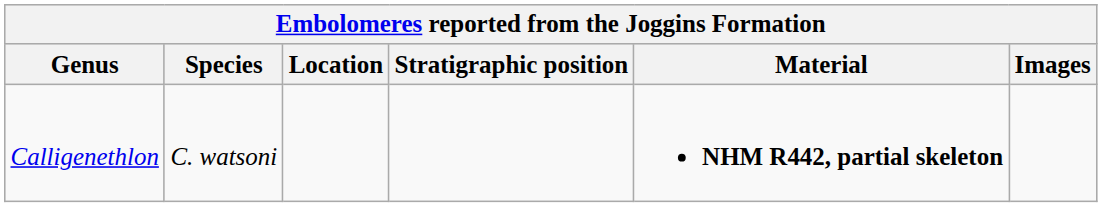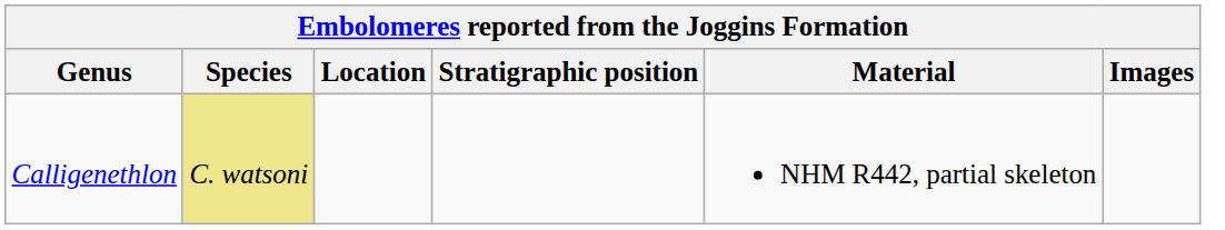 <table class="wikitable sortable mw-collapsible">
 <tr>
 <th colspan="7" style="text-align:center;"><strong><a href='#'>Embolomeres</a> reported from the Joggins Formation</strong></th>
 </tr>
 <tr>
 <th>Genus</th>
 <th>Species</th>
 <th>Location</th>
 <th>Stratigraphic position</th>
 <th>Material</th>
 <th>Images</th>
 </tr>
 <tr>
 <td rowspan="1"><br><em><a href='#'>Calligenethlon</a></em></td>
-<td><br><em>C. watsoni</em></td>
+<td style="background: khaki;"><br><em>C. watsoni</em></td>
 <td></td>
 <td></td>
-<td><strong><br><ul><li>NHM R442, partial skeleton</li></ul></strong></td>
+<td><br><ul><li>NHM R442, partial skeleton</li></ul></td>
 <td></td>
 </tr>
 </table>
